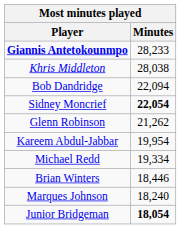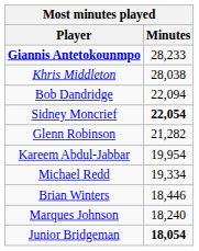 <table class="wikitable sortable" style="text-align:center">
 <tr>
 <th colspan="5">Most minutes played</th>
 </tr>
 <tr>
 <th>Player</th>
 <th>Minutes</th>
 </tr>
 <tr>
 <td><strong><a href='#'>Giannis Antetokounmpo</a></strong></td>
 <td>28,233</td>
 </tr>
 <tr>
 <td><em><a href='#'>Khris Middleton</a></em></td>
 <td>28,038</td>
 </tr>
 <tr>
 <td><a href='#'>Bob Dandridge</a></td>
 <td>22,094</td>
 </tr>
 <tr>
 <td><a href='#'>Sidney Moncrief</a></td>
 <td><strong>22,054</strong></td>
 </tr>
 <tr>
 <td><a href='#'>Glenn Robinson</a></td>
-<td>21,262</td>
+<td>21,282</td>
 </tr>
 <tr>
 <td><a href='#'>Kareem Abdul-Jabbar</a></td>
 <td>19,954</td>
 </tr>
 <tr>
 <td><a href='#'>Michael Redd</a></td>
 <td>19,334</td>
 </tr>
 <tr>
 <td><a href='#'>Brian Winters</a></td>
 <td>18,446</td>
 </tr>
 <tr>
 <td><a href='#'>Marques Johnson</a></td>
 <td>18,240</td>
 </tr>
 <tr>
 <td><a href='#'>Junior Bridgeman</a></td>
 <td><strong>18,054</strong></td>
 </tr>
 </table>
